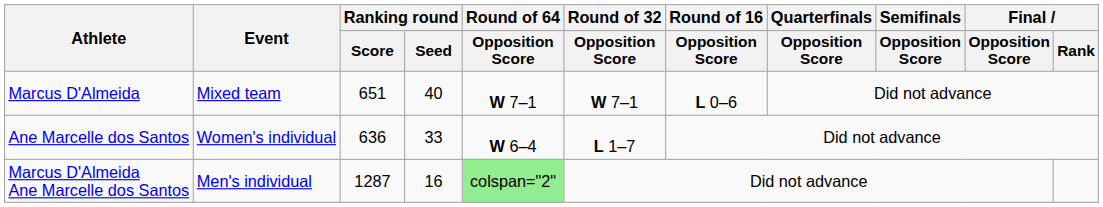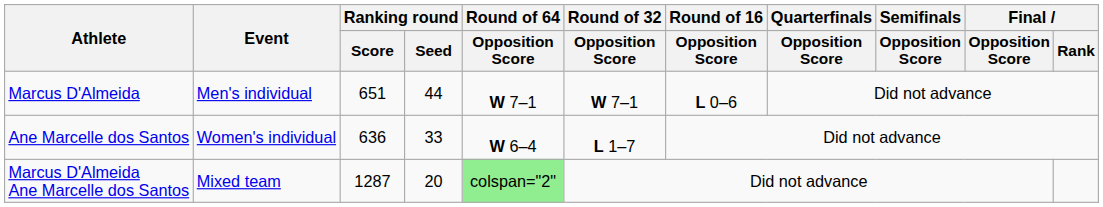 <table class="wikitable" style="font-size:90%; text-align:center">
 <tr>
 <th rowspan=2>Athlete</th>
 <th rowspan=2>Event</th>
 <th colspan="2">Ranking round</th>
 <th>Round of 64</th>
 <th>Round of 32</th>
 <th>Round of 16</th>
 <th>Quarterfinals</th>
 <th>Semifinals</th>
 <th colspan="2">Final / </th>
 </tr>
 <tr style="font-size:95%">
 <th>Score</th>
 <th>Seed</th>
 <th>Opposition<br>Score</th>
 <th>Opposition<br>Score</th>
 <th>Opposition<br>Score</th>
 <th>Opposition<br>Score</th>
 <th>Opposition<br>Score</th>
 <th>Opposition<br>Score</th>
 <th>Rank</th>
 </tr>
 <tr align=center>
 <td align=left><a href='#'>Marcus D'Almeida</a></td>
-<td align="left"><a href='#'>Mixed team</a></td>
+<td align=left><a href='#'>Men's individual</a></td>
 <td>651</td>
-<td>40</td>
+<td>44</td>
 <td><br> <strong>W</strong> 7–1</td>
 <td><br> <strong>W</strong> 7–1</td>
 <td><br> <strong>L</strong> 0–6</td>
 <td colspan=4>Did not advance</td>
 </tr>
 <tr align=center>
 <td align=left><a href='#'>Ane Marcelle dos Santos</a></td>
 <td align=left><a href='#'>Women's individual</a></td>
 <td>636</td>
 <td>33</td>
 <td><br> <strong>W</strong> 6–4</td>
 <td><br><strong>L</strong> 1–7</td>
 <td colspan=5>Did not advance</td>
 </tr>
 <tr align=center>
 <td align="left"><a href='#'>Marcus D'Almeida</a><br><a href='#'>Ane Marcelle dos Santos</a></td>
-<td align=left><a href='#'>Men's individual</a></td>
+<td align="left"><a href='#'>Mixed team</a></td>
 <td>1287</td>
-<td>16</td>
+<td>20</td>
 <td style="background: lightgreen;">colspan="2" </td>
 <td colspan=5>Did not advance</td>
 </tr>
 </table>
